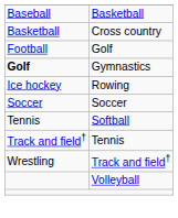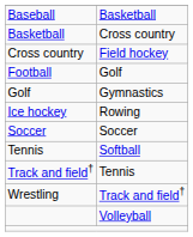 <table class="wikitable" style="float:right; clear:right; margin:0 0 1em 1em;">
 <tr>
 </tr>
 <tr>
 <td><a href='#'>Baseball</a></td>
 <td><a href='#'>Basketball</a></td>
 </tr>
 <tr>
 <td><a href='#'>Basketball</a></td>
 <td>Cross country</td>
 </tr>
 <tr>
+<td>Cross country</td>
+<td><a href='#'>Field hockey</a></td>
+</tr>
+<tr>
 <td><a href='#'>Football</a></td>
 <td>Golf</td>
 </tr>
 <tr>
-<td><strong>Golf</strong></td>
+<td>Golf</td>
 <td>Gymnastics</td>
 </tr>
 <tr>
 <td><a href='#'>Ice hockey</a></td>
 <td>Rowing</td>
 </tr>
 <tr>
 <td><a href='#'>Soccer</a></td>
 <td>Soccer</td>
 </tr>
 <tr>
 <td>Tennis</td>
 <td><a href='#'>Softball</a></td>
 </tr>
 <tr>
 <td><a href='#'>Track and field</a><sup>†</sup></td>
 <td>Tennis</td>
 </tr>
 <tr>
 <td>Wrestling</td>
 <td><a href='#'>Track and field</a><sup>†</sup></td>
 </tr>
 <tr>
 <td></td>
 <td><a href='#'>Volleyball</a></td>
 </tr>
 <tr>
 <td colspan="2"></td>
 </tr>
 </table>
